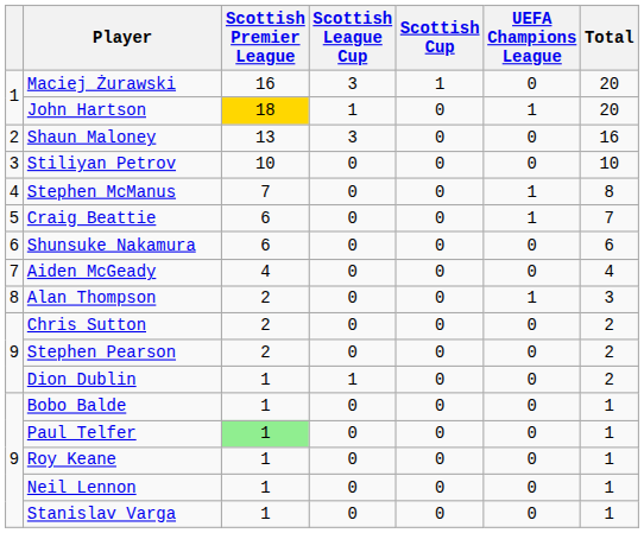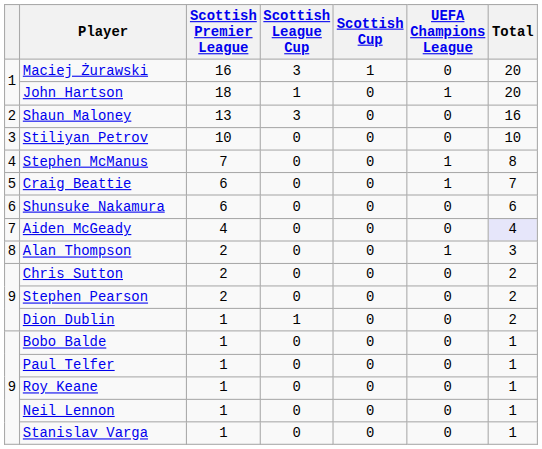 <table class="wikitable">
 <tr>
 <th></th>
 <th width="150">Player</th>
 <th><a href='#'>Scottish<br>Premier<br>League</a><br></th>
 <th><a href='#'>Scottish<br>League<br>Cup</a></th>
 <th><a href='#'>Scottish<br>Cup</a></th>
 <th><a href='#'>UEFA<br>Champions<br>League</a></th>
 <th>Total</th>
 </tr>
 <tr>
 <td align=center rowspan=2>1</td>
 <td> <a href='#'>Maciej Żurawski</a></td>
 <td align=center>16</td>
 <td align=center>3</td>
 <td align=center>1</td>
 <td align=center>0</td>
 <td align=center>20</td>
 </tr>
 <tr>
 <td> <a href='#'>John Hartson</a></td>
-<td align=center style="background: gold;">18</td>
+<td align=center>18</td>
 <td align=center>1</td>
 <td align=center>0</td>
 <td align=center>1</td>
 <td align=center>20</td>
 </tr>
 <tr>
 <td align=center rowspan=1>2</td>
 <td> <a href='#'>Shaun Maloney</a></td>
 <td align=center>13</td>
 <td align=center>3</td>
 <td align=center>0</td>
 <td align=center>0</td>
 <td align=center>16</td>
 </tr>
 <tr>
 <td align=center rowspan=1>3</td>
 <td> <a href='#'>Stiliyan Petrov</a></td>
 <td align=center>10</td>
 <td align=center>0</td>
 <td align=center>0</td>
 <td align=center>0</td>
 <td align=center>10</td>
 </tr>
 <tr>
 <td align=center rowspan=1>4</td>
 <td> <a href='#'>Stephen McManus</a></td>
 <td align=center>7</td>
 <td align=center>0</td>
 <td align=center>0</td>
 <td align=center>1</td>
 <td align=center>8</td>
 </tr>
 <tr>
 <td align=center rowspan=1>5</td>
 <td> <a href='#'>Craig Beattie</a></td>
 <td align=center>6</td>
 <td align=center>0</td>
 <td align=center>0</td>
 <td align=center>1</td>
 <td align=center>7</td>
 </tr>
 <tr>
 <td align=center rowspan=1>6</td>
 <td> <a href='#'>Shunsuke Nakamura</a></td>
 <td align=center>6</td>
 <td align=center>0</td>
 <td align=center>0</td>
 <td align=center>0</td>
 <td align=center>6</td>
 </tr>
 <tr>
 <td align=center rowspan=1>7</td>
 <td> <a href='#'>Aiden McGeady</a></td>
 <td align=center>4</td>
 <td align=center>0</td>
 <td align=center>0</td>
 <td align=center>0</td>
-<td align=center>4</td>
+<td align=center style="background: lavender;">4</td>
 </tr>
 <tr>
 <td align=center rowspan=1>8</td>
 <td> <a href='#'>Alan Thompson</a></td>
 <td align=center>2</td>
 <td align=center>0</td>
 <td align=center>0</td>
 <td align=center>1</td>
 <td align=center>3</td>
 </tr>
 <tr>
 <td align=center rowspan=3>9</td>
 <td> <a href='#'>Chris Sutton</a></td>
 <td align=center>2</td>
 <td align=center>0</td>
 <td align=center>0</td>
 <td align=center>0</td>
 <td align=center>2</td>
 </tr>
 <tr>
 <td> <a href='#'>Stephen Pearson</a></td>
 <td align=center>2</td>
 <td align=center>0</td>
 <td align=center>0</td>
 <td align=center>0</td>
 <td align=center>2</td>
 </tr>
 <tr>
 <td> <a href='#'>Dion Dublin</a></td>
 <td align=center>1</td>
 <td align=center>1</td>
 <td align=center>0</td>
 <td align=center>0</td>
 <td align=center>2</td>
 </tr>
 <tr>
 <td align=center rowspan=5>9</td>
 <td> <a href='#'>Bobo Balde</a></td>
 <td align=center>1</td>
 <td align=center>0</td>
 <td align=center>0</td>
 <td align=center>0</td>
 <td align=center>1</td>
 </tr>
 <tr>
 <td> <a href='#'>Paul Telfer</a></td>
-<td align=center style="background: lightgreen;">1</td>
+<td align=center>1</td>
 <td align=center>0</td>
 <td align=center>0</td>
 <td align=center>0</td>
 <td align=center>1</td>
 </tr>
 <tr>
 <td> <a href='#'>Roy Keane</a></td>
 <td align=center>1</td>
 <td align=center>0</td>
 <td align=center>0</td>
 <td align=center>0</td>
 <td align=center>1</td>
 </tr>
 <tr>
 <td> <a href='#'>Neil Lennon</a></td>
 <td align=center>1</td>
 <td align=center>0</td>
 <td align=center>0</td>
 <td align=center>0</td>
 <td align=center>1</td>
 </tr>
 <tr>
 <td> <a href='#'>Stanislav Varga</a></td>
 <td align=center>1</td>
 <td align=center>0</td>
 <td align=center>0</td>
 <td align=center>0</td>
 <td align=center>1</td>
 </tr>
 </table>
